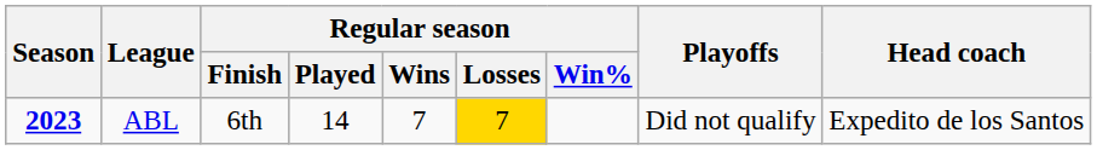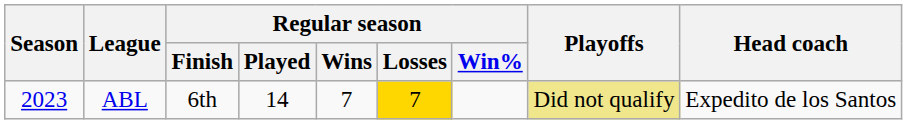 <table class="wikitable plainrowheaders" summary="Season (sortable), Team, Conference, Conference finish (sortable), Division, Division finish (sortable), Wins (sortable), Losses (sortable), Win% (sortable), GB (sortable), Playoffs, Awards and Head coach" style="text-align:center; font-size:95%">
 <tr>
 <th rowspan="2" scope="col">Season</th>
 <th rowspan="2" scope="col">League</th>
 <th colspan="5" scope="col">Regular season</th>
 <th rowspan="2" scope="col">Playoffs</th>
 <th rowspan="2" scope="col">Head coach</th>
 </tr>
 <tr>
 <th scope="col">Finish</th>
 <th scope="col">Played</th>
 <th scope="col">Wins</th>
 <th scope="col">Losses</th>
 <th scope="col"><a href='#'>Win%</a></th>
 </tr>
 <tr>
-<td style="text-align:center;"><strong><a href='#'>2023</a></strong></td>
+<td style="text-align:center;"><a href='#'>2023</a></td>
 <td style="text-align:center;"><a href='#'>ABL</a></td>
 <td style="text-align:center;">6th</td>
 <td style="text-align:center;">14</td>
 <td style="text-align:center;">7</td>
 <td style="background: gold; text-align:center;">7</td>
 <td style="text-align:center;"></td>
-<td style="text-align:center;">Did not qualify</td>
+<td style="background: khaki; text-align:center;">Did not qualify</td>
 <td style="text-align:center;">Expedito de los Santos</td>
 </tr>
 </table>
